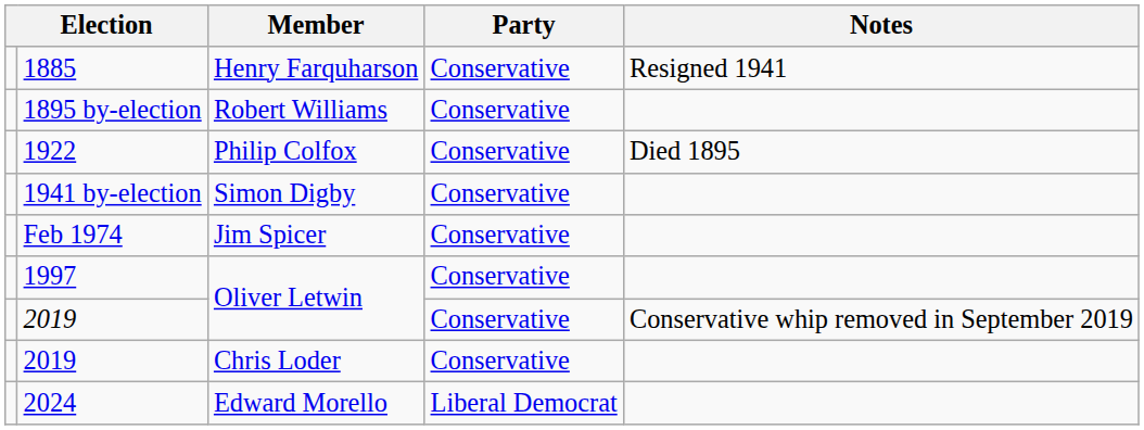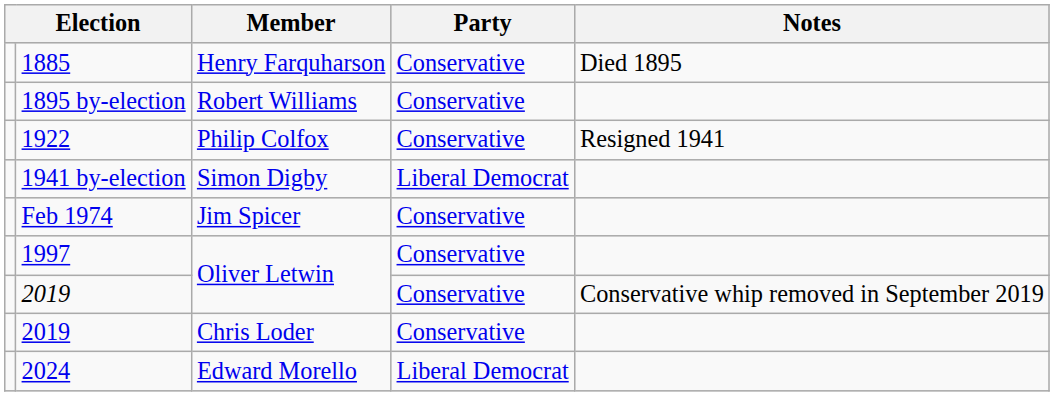 <table class="wikitable">
 <tr>
 <th colspan="2">Election</th>
 <th>Member</th>
 <th>Party</th>
 <th>Notes</th>
 </tr>
 <tr>
 <td style="color:inherit;background-color: "></td>
 <td><a href='#'>1885</a></td>
 <td><a href='#'>Henry Farquharson</a></td>
 <td><a href='#'>Conservative</a></td>
-<td>Resigned 1941</td>
+<td>Died 1895</td>
 </tr>
 <tr>
 <td style="color:inherit;background-color: "></td>
 <td><a href='#'>1895 by-election</a></td>
 <td><a href='#'>Robert Williams</a></td>
 <td><a href='#'>Conservative</a></td>
 <td></td>
 </tr>
 <tr>
 <td style="color:inherit;background-color: "></td>
 <td><a href='#'>1922</a></td>
 <td><a href='#'>Philip Colfox</a></td>
 <td><a href='#'>Conservative</a></td>
-<td>Died 1895</td>
+<td>Resigned 1941</td>
 </tr>
 <tr>
 <td style="color:inherit;background-color: "></td>
 <td><a href='#'>1941 by-election</a></td>
 <td><a href='#'>Simon Digby</a></td>
-<td><a href='#'>Conservative</a></td>
+<td><a href='#'>Liberal Democrat</a></td>
 <td></td>
 </tr>
 <tr>
 <td style="color:inherit;background-color: "></td>
 <td><a href='#'>Feb 1974</a></td>
 <td><a href='#'>Jim Spicer</a></td>
 <td><a href='#'>Conservative</a></td>
 <td></td>
 </tr>
 <tr>
 <td style="color:inherit;background-color: "></td>
 <td><a href='#'>1997</a></td>
 <td rowspan="2"><a href='#'>Oliver Letwin</a></td>
 <td><a href='#'>Conservative</a></td>
 <td></td>
 </tr>
 <tr>
 <td style="color:inherit;background-color: "></td>
 <td><em>2019</em></td>
 <td><a href='#'>Conservative</a></td>
 <td>Conservative whip removed in September 2019</td>
 </tr>
 <tr>
 <td style="color:inherit;background-color: "></td>
 <td><a href='#'>2019</a></td>
 <td><a href='#'>Chris Loder</a></td>
 <td><a href='#'>Conservative</a></td>
 <td></td>
 </tr>
 <tr>
 <td style="color:inherit;background-color: "></td>
 <td><a href='#'>2024</a></td>
 <td rowspan="2"><a href='#'>Edward Morello</a></td>
 <td><a href='#'>Liberal Democrat</a></td>
 </tr>
 </table>
